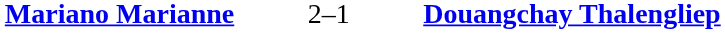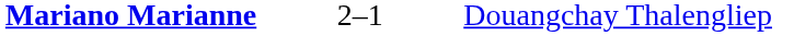 <table>
 <tr>
 <th width=400></th>
 <th width=100></th>
 <th width=400></th>
 </tr>
 <tr>
 <td align=right><strong><a href='#'>Mariano Marianne</a> </strong></td>
 <td align=center>2–1</td>
-<td><strong> <a href='#'>Douangchay Thalengliep</a></strong></td>
+<td> <a href='#'>Douangchay Thalengliep</a></td>
 </tr>
 </table>
